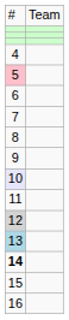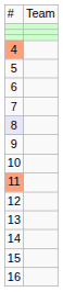 <table class="wikitable">
 <tr>
 <td>#</td>
 <td>Team</td>
 </tr>
 <tr bgcolor=ccffcc>
 <td align=center></td>
 <td></td>
 </tr>
 <tr bgcolor=ccffcc>
 <td align=center></td>
 <td></td>
 </tr>
 <tr bgcolor=ccffcc>
 <td align=center></td>
 <td></td>
 </tr>
 <tr>
-<td align=center>4</td>
+<td align=center style="background: lightsalmon;">4</td>
 <td></td>
 </tr>
 <tr>
-<td align=center style="background: pink;">5</td>
+<td align=center>5</td>
 <td></td>
 </tr>
 <tr>
 <td align=center>6</td>
 <td></td>
 </tr>
 <tr>
 <td align=center>7</td>
 <td></td>
 </tr>
 <tr>
-<td align=center>8</td>
+<td align=center style="background: lavender;">8</td>
 <td></td>
 </tr>
 <tr>
 <td align=center>9</td>
 <td></td>
 </tr>
 <tr>
-<td align=center style="background: lavender;">10</td>
+<td align=center>10</td>
 <td></td>
 </tr>
 <tr>
-<td align=center>11</td>
+<td align=center style="background: lightsalmon;">11</td>
 <td></td>
 </tr>
 <tr>
-<td align=center style="background: lightgrey;">12</td>
+<td align=center>12</td>
 <td></td>
 </tr>
 <tr>
-<td align=center style="background: lightblue;">13</td>
+<td align=center>13</td>
 <td></td>
 </tr>
 <tr>
-<td align=center><strong>14</strong></td>
+<td align=center>14</td>
 <td></td>
 </tr>
 <tr>
 <td align=center>15</td>
 <td></td>
 </tr>
 <tr>
 <td align=center>16</td>
 <td></td>
 </tr>
 </table>
